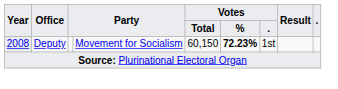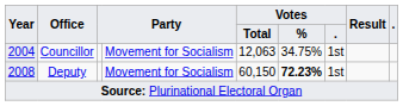 <table class="wikitable" style="font-size:90%; text-align:center;">
 <tr>
 <th style="background-color:#EAECF0;" rowspan=2>Year</th>
 <th style="background-color:#EAECF0;" rowspan=2>Office</th>
 <th style="background-color:#EAECF0;" colspan=2 rowspan=2>Party</th>
 <th style="background-color:#EAECF0;" colspan=3>Votes</th>
 <th style="background-color:#EAECF0;" rowspan=2>Result</th>
 <th style="background-color:#EAECF0;" rowspan=2>.</th>
 </tr>
 <tr>
 <th style="background-color:#EAECF0;">Total</th>
 <th style="background-color:#EAECF0;">%</th>
 <th style="background-color:#EAECF0;">.</th>
+</tr>
+<tr>
+<td style="background-color:#EAECF0;"><a href='#'>2004</a></td>
+<td><a href='#'>Councillor</a></td>
+<td style="background-color:"></td>
+<td><a href='#'>Movement for Socialism</a></td>
+<td>12,063</td>
+<td>34.75%</td>
+<td>1st</td>
+<td></td>
+<td></td>
 </tr>
 <tr>
 <td style="background-color:#EAECF0;"><a href='#'>2008</a></td>
 <td><a href='#'>Deputy</a></td>
 <td style="background-color:"></td>
 <td><a href='#'>Movement for Socialism</a></td>
 <td>60,150</td>
 <td><strong>72.23%</strong></td>
 <td>1st</td>
 <td></td>
 <td></td>
 </tr>
 <tr>
 <td style="background-color:#EAECF0;" colspan=9><strong>Source:</strong> <a href='#'>Plurinational Electoral Organ</a>  </td>
 </tr>
 </table>
